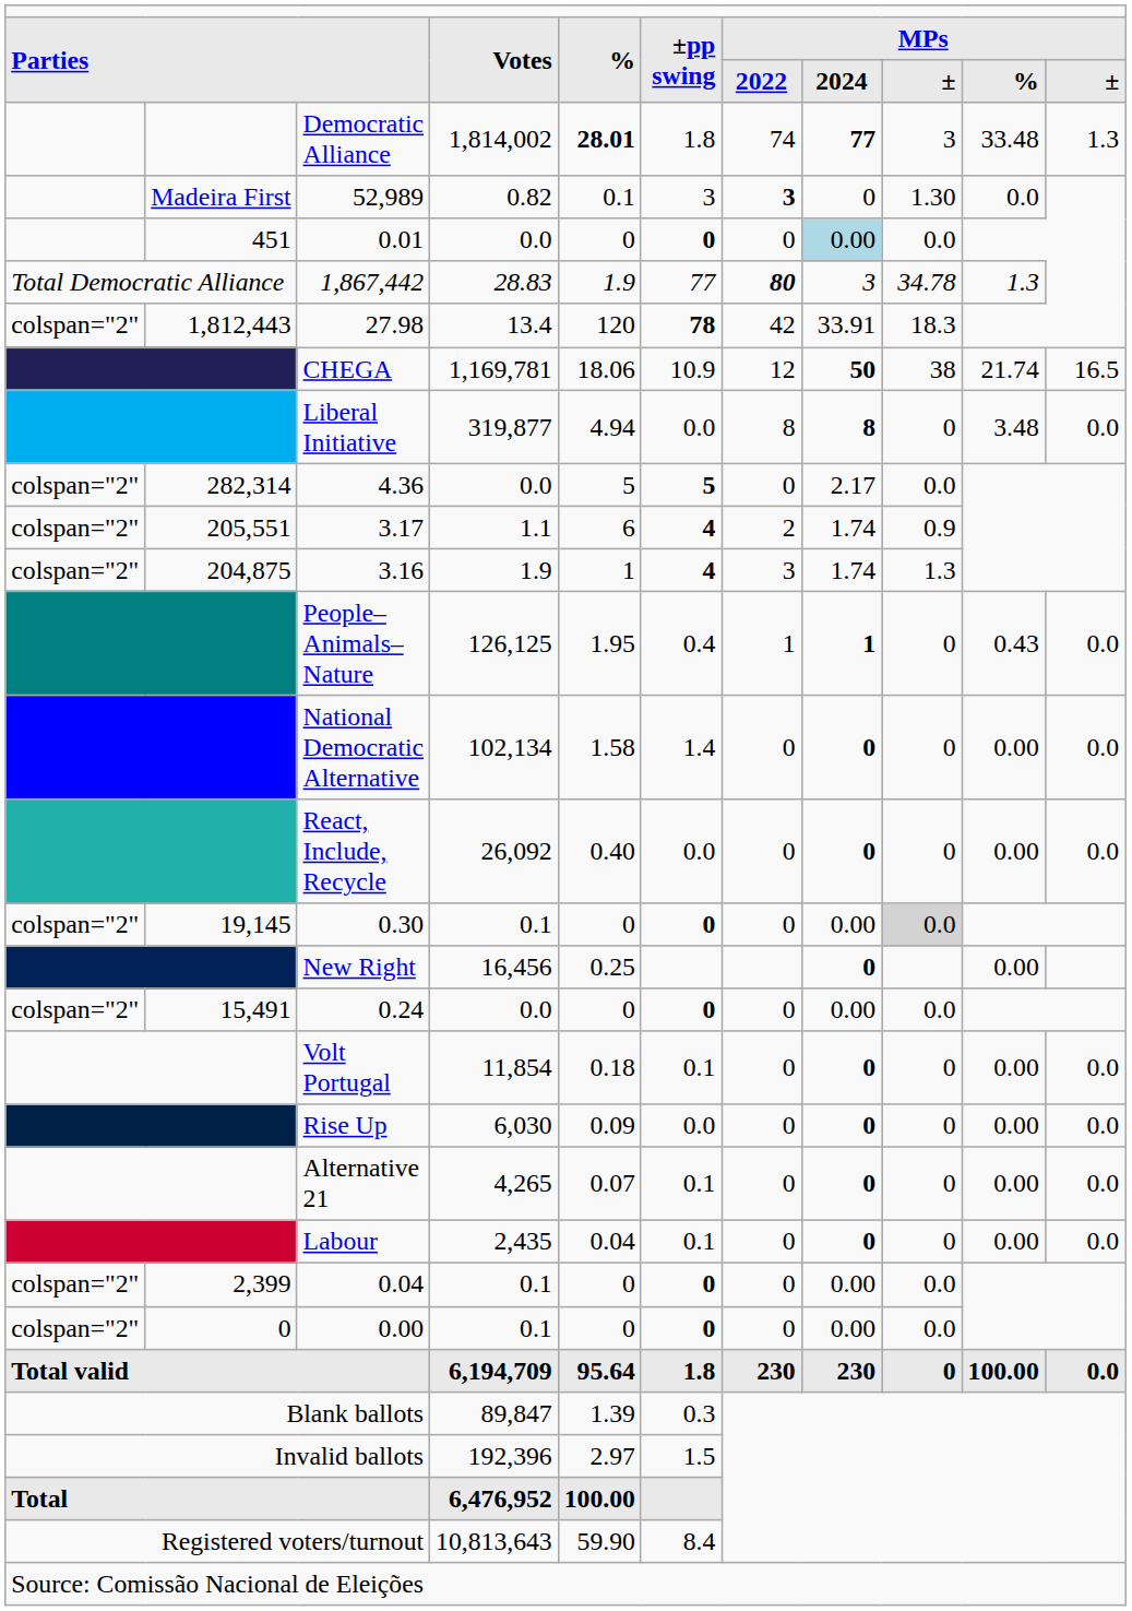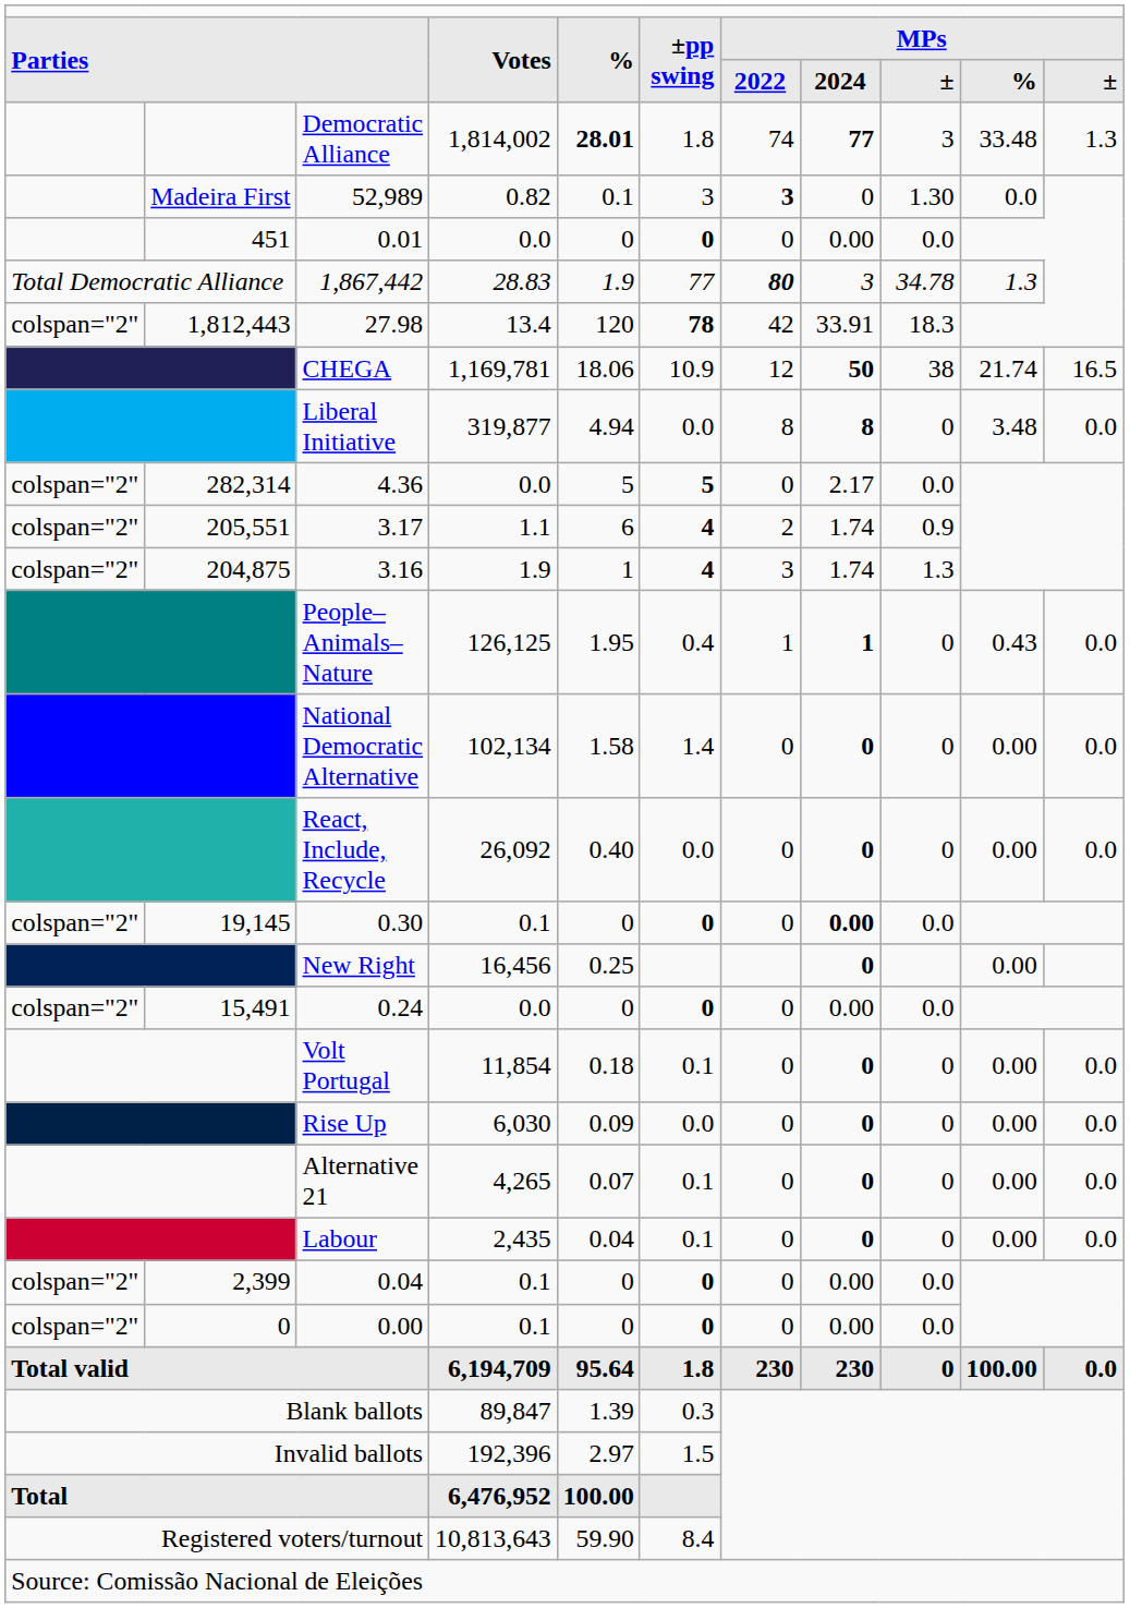 <table class="wikitable" style="text-align:right; font-size:95%;">
 <tr>
 <td colspan=11></td>
 </tr>
 <tr>
 <th rowspan="2" colspan="3" style="background:#e9e9e9; text-align:left;" alignleft><a href='#'>Parties</a></th>
 <th rowspan="2" style="background:#e9e9e9; text-align:right;">Votes</th>
 <th rowspan="2" style="background:#e9e9e9; text-align:right;">%</th>
 <th rowspan="2" style="background:#e9e9e9; text-align:right;">±<a href='#'>pp</a> <a href='#'>swing</a></th>
 <th colspan="5" style="background:#e9e9e9; text-align:center;"><a href='#'>MPs</a></th>
 </tr>
 <tr style="background-color:#E9E9E9">
 <th style="background-color:#E9E9E9;text-align:center;"><a href='#'>2022</a></th>
 <th style="background-color:#E9E9E9;text-align:center;">2024</th>
 <th style="background:#e9e9e9; text-align:right;">±</th>
 <th style="background:#e9e9e9; text-align:right;">%</th>
 <th style="background:#e9e9e9; text-align:right;">±</th>
 </tr>
 <tr>
 <td style="background-color:"></td>
 <td bgcolor=></td>
 <td align="left"><a href='#'>Democratic Alliance</a> </td>
 <td>1,814,002</td>
 <td><strong>28.01</strong></td>
 <td>1.8</td>
 <td>74</td>
 <td><strong>77</strong></td>
 <td>3</td>
 <td>33.48</td>
 <td>1.3</td>
 </tr>
 <tr>
 <td></td>
 <td align=left><a href='#'>Madeira First</a> </td>
 <td>52,989</td>
 <td>0.82</td>
 <td>0.1</td>
 <td>3</td>
 <td><strong>3</strong></td>
 <td>0</td>
 <td>1.30</td>
 <td>0.0</td>
 </tr>
 <tr>
 <td></td>
 <td>451</td>
 <td>0.01</td>
 <td>0.0</td>
 <td>0</td>
 <td><strong>0</strong></td>
 <td>0</td>
-<td style="background: lightblue;">0.00</td>
+<td>0.00</td>
 <td>0.0</td>
 </tr>
 <tr>
 <td style="text-align:left;" colspan="2"><em>Total Democratic Alliance</em></td>
 <td width="65" align="right"><em>1,867,442</em></td>
 <td width="40" align="right"><em>28.83</em></td>
 <td width="40" align="right"><em>1.9</em></td>
 <td width="40" align="right"><em>77</em></td>
 <td width="40" align="right"><strong><em>80</em></strong></td>
 <td width="40" align="right"><em>3</em></td>
 <td width="40" align="right"><em>34.78</em></td>
 <td width="40" align="right"><em>1.3</em></td>
 </tr>
 <tr>
 <td>colspan="2" </td>
 <td>1,812,443</td>
 <td>27.98</td>
 <td>13.4</td>
 <td>120</td>
 <td><strong>78</strong></td>
 <td>42</td>
 <td>33.91</td>
 <td>18.3</td>
 </tr>
 <tr>
 <td colspan="2" style="width: 10px" bgcolor="#202056" align="center"></td>
 <td align="left"><a href='#'>CHEGA</a></td>
 <td>1,169,781</td>
 <td>18.06</td>
 <td>10.9</td>
 <td>12</td>
 <td><strong>50</strong></td>
 <td>38</td>
 <td>21.74</td>
 <td>16.5</td>
 </tr>
 <tr>
 <td colspan="2" style="width: 10px" bgcolor="#00ADEF" align="center"></td>
 <td align="left"><a href='#'>Liberal Initiative</a></td>
 <td>319,877</td>
 <td>4.94</td>
 <td>0.0</td>
 <td>8</td>
 <td><strong>8</strong></td>
 <td>0</td>
 <td>3.48</td>
 <td>0.0</td>
 </tr>
 <tr>
 <td>colspan="2" </td>
 <td>282,314</td>
 <td>4.36</td>
 <td>0.0</td>
 <td>5</td>
 <td><strong>5</strong></td>
 <td>0</td>
 <td>2.17</td>
 <td>0.0</td>
 </tr>
 <tr>
 <td>colspan="2" </td>
 <td>205,551</td>
 <td>3.17</td>
 <td>1.1</td>
 <td>6</td>
 <td><strong>4</strong></td>
 <td>2</td>
 <td>1.74</td>
 <td>0.9</td>
 </tr>
 <tr>
 <td>colspan="2" </td>
 <td>204,875</td>
 <td>3.16</td>
 <td>1.9</td>
 <td>1</td>
 <td><strong>4</strong></td>
 <td>3</td>
 <td>1.74</td>
 <td>1.3</td>
 </tr>
 <tr>
 <td colspan="2" style="width: 10px" bgcolor="teal" align="center"></td>
 <td align="left"><a href='#'>People–Animals–Nature</a></td>
 <td>126,125</td>
 <td>1.95</td>
 <td>0.4</td>
 <td>1</td>
 <td><strong>1</strong></td>
 <td>0</td>
 <td>0.43</td>
 <td>0.0</td>
 </tr>
 <tr>
 <td colspan="2" style="width: 10px" bgcolor="blue" align="center"></td>
 <td align="left"><a href='#'>National Democratic Alternative</a></td>
 <td>102,134</td>
 <td>1.58</td>
 <td>1.4</td>
 <td>0</td>
 <td><strong>0</strong></td>
 <td>0</td>
 <td>0.00</td>
 <td>0.0</td>
 </tr>
 <tr>
 <td colspan="2" style="width: 10px" bgcolor="LightSeaGreen" align="center"></td>
 <td align="left"><a href='#'>React, Include, Recycle</a></td>
 <td>26,092</td>
 <td>0.40</td>
 <td>0.0</td>
 <td>0</td>
 <td><strong>0</strong></td>
 <td>0</td>
 <td>0.00</td>
 <td>0.0</td>
 </tr>
 <tr>
 <td>colspan="2" </td>
 <td>19,145</td>
 <td>0.30</td>
 <td>0.1</td>
 <td>0</td>
 <td><strong>0</strong></td>
 <td>0</td>
-<td>0.00</td>
-<td style="background: lightgrey;">0.0</td>
+<td><strong>0.00</strong></td>
+<td>0.0</td>
 </tr>
 <tr>
 <td colspan="2" style="width: 10px" bgcolor="#012257" align="center"></td>
 <td align="left"><a href='#'>New Right</a></td>
 <td>16,456</td>
 <td>0.25</td>
 <td></td>
 <td></td>
 <td><strong>0</strong></td>
 <td></td>
 <td>0.00</td>
 <td></td>
 </tr>
 <tr>
 <td>colspan="2" </td>
 <td>15,491</td>
 <td>0.24</td>
 <td>0.0</td>
 <td>0</td>
 <td><strong>0</strong></td>
 <td>0</td>
 <td>0.00</td>
 <td>0.0</td>
 </tr>
 <tr>
 <td colspan="2" style="width: 10px"></td>
 <td align="left"><a href='#'>Volt Portugal</a></td>
 <td>11,854</td>
 <td>0.18</td>
 <td>0.1</td>
 <td>0</td>
 <td><strong>0</strong></td>
 <td>0</td>
 <td>0.00</td>
 <td>0.0</td>
 </tr>
 <tr>
 <td colspan="2" style="width: 10px" bgcolor="#002147" align="center"></td>
 <td align="left"><a href='#'>Rise Up</a></td>
 <td>6,030</td>
 <td>0.09</td>
 <td>0.0</td>
 <td>0</td>
 <td><strong>0</strong></td>
 <td>0</td>
 <td>0.00</td>
 <td>0.0</td>
 </tr>
 <tr>
 <td colspan="2" style="width: 10px"></td>
 <td align="left">Alternative 21 </td>
 <td>4,265</td>
 <td>0.07</td>
 <td>0.1</td>
 <td>0</td>
 <td><strong>0</strong></td>
 <td>0</td>
 <td>0.00</td>
 <td>0.0</td>
 </tr>
 <tr>
 <td colspan="2" style="width: 10px" bgcolor="#CC0033" align="center"></td>
 <td align="left"><a href='#'>Labour</a></td>
 <td>2,435</td>
 <td>0.04</td>
 <td>0.1</td>
 <td>0</td>
 <td><strong>0</strong></td>
 <td>0</td>
 <td>0.00</td>
 <td>0.0</td>
 </tr>
 <tr>
 <td>colspan="2" </td>
 <td>2,399</td>
 <td>0.04</td>
 <td>0.1</td>
 <td>0</td>
 <td><strong>0</strong></td>
 <td>0</td>
 <td>0.00</td>
 <td>0.0</td>
 </tr>
 <tr>
 <td>colspan="2" </td>
 <td>0</td>
 <td>0.00</td>
 <td>0.1</td>
 <td>0</td>
 <td><strong>0</strong></td>
 <td>0</td>
 <td>0.00</td>
 <td>0.0</td>
 </tr>
 <tr>
 <td colspan=3 align=left style="background-color:#E9E9E9"><strong>Total valid</strong></td>
 <td width="65" align="right" style="background-color:#E9E9E9"><strong>6,194,709</strong></td>
 <td width="40" align="right" style="background-color:#E9E9E9"><strong>95.64</strong></td>
 <td width="40" align="right" style="background-color:#E9E9E9"><strong>1.8</strong></td>
 <td width="40" align="right" style="background-color:#E9E9E9"><strong>230</strong></td>
 <td width="40" align="right" style="background-color:#E9E9E9"><strong>230</strong></td>
 <td width="40" align="right" style="background-color:#E9E9E9"><strong>0</strong></td>
 <td width="40" align="right" style="background-color:#E9E9E9"><strong>100.00</strong></td>
 <td width="40" align="right" style="background-color:#E9E9E9"><strong>0.0</strong></td>
 </tr>
 <tr>
 <td colspan=3>Blank ballots</td>
 <td>89,847</td>
 <td>1.39</td>
 <td>0.3</td>
 <td colspan=5 rowspan=4></td>
 </tr>
 <tr>
 <td colspan=3>Invalid ballots</td>
 <td>192,396</td>
 <td>2.97</td>
 <td>1.5</td>
 </tr>
 <tr>
 <td colspan=3 align=left style="background-color:#E9E9E9"><strong>Total</strong></td>
 <td width="50" align="right" style="background-color:#E9E9E9"><strong>6,476,952</strong></td>
 <td width="40" align="right" style="background-color:#E9E9E9"><strong>100.00</strong></td>
 <td width="40" align="right" style="background-color:#E9E9E9"></td>
 </tr>
 <tr>
 <td colspan=3>Registered voters/turnout</td>
 <td>10,813,643</td>
 <td>59.90</td>
 <td>8.4</td>
 </tr>
 <tr>
 <td colspan=11 align=left>Source: Comissão Nacional de Eleições</td>
 </tr>
 </table>
